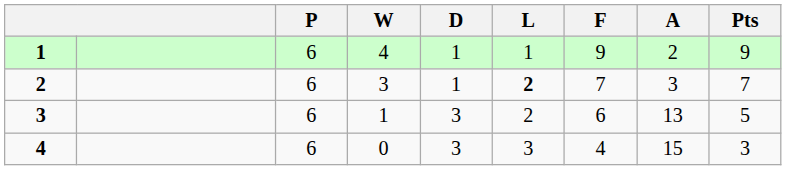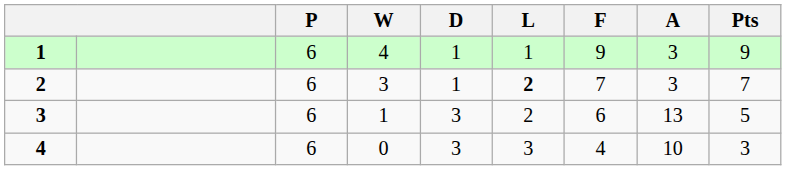 <table class="wikitable">
 <tr>
 <th colspan="2"></th>
 <th rowspan="1">P</th>
 <th rowspan="1">W</th>
 <th colspan="1">D</th>
 <th colspan="1">L</th>
 <th colspan="1">F</th>
 <th colspan="1">A</th>
 <th colspan="1">Pts</th>
 </tr>
 <tr style="background:#ccffcc;">
 <td align=center width="50"><strong>1</strong></td>
 <td width="150"><strong></strong></td>
 <td align=center width="50">6</td>
 <td align=center width="50">4</td>
 <td align=center width="50">1</td>
 <td align=center width="50">1</td>
 <td align=center width="50">9</td>
-<td align=center width="50">2</td>
+<td align=center width="50">3</td>
 <td align=center width="50">9</td>
 </tr>
 <tr>
 <td align=center><strong>2</strong></td>
 <td></td>
 <td align=center>6</td>
 <td align=center>3</td>
 <td align=center>1</td>
 <td align=center><strong>2</strong></td>
 <td align=center>7</td>
 <td align=center>3</td>
 <td align=center>7</td>
 </tr>
 <tr>
 <td align=center><strong>3</strong></td>
 <td></td>
 <td align=center>6</td>
 <td align=center>1</td>
 <td align=center>3</td>
 <td align=center>2</td>
 <td align=center>6</td>
 <td align=center>13</td>
 <td align=center>5</td>
 </tr>
 <tr>
 <td align=center><strong>4</strong></td>
 <td></td>
 <td align=center>6</td>
 <td align=center>0</td>
 <td align=center>3</td>
 <td align=center>3</td>
 <td align=center>4</td>
-<td align=center>15</td>
+<td align=center>10</td>
 <td align=center>3</td>
 </tr>
 </table>
